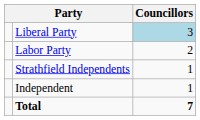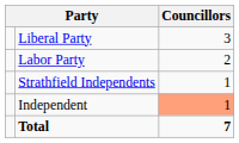 <table class="wikitable">
 <tr>
 <th colspan="2">Party</th>
 <th>Councillors</th>
 </tr>
 <tr>
 <td> </td>
 <td><a href='#'>Liberal Party</a></td>
-<td align=right style="background: lightblue;">3</td>
+<td align=right>3</td>
 </tr>
 <tr>
 <td> </td>
 <td><a href='#'>Labor Party</a></td>
 <td align=right>2</td>
 </tr>
 <tr>
 <td> </td>
 <td><a href='#'>Strathfield Independents</a></td>
 <td align=right>1</td>
 </tr>
 <tr>
 <td> </td>
 <td>Independent</td>
-<td align=right>1</td>
+<td align=right style="background: lightsalmon;">1</td>
 </tr>
 <tr>
 <td></td>
 <td><strong>Total</strong></td>
 <td align=right><strong>7</strong></td>
 </tr>
 </table>
